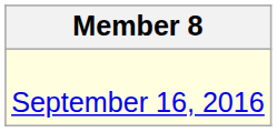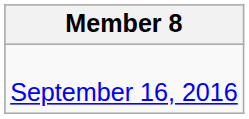 <table class=wikitable align=right>
 <tr>
 <th>Member 8</th>
 </tr>
 <tr>
-<td style="background: lightyellow;"><br><a href='#'>September 16, 2016</a></td>
+<td><br><a href='#'>September 16, 2016</a></td>
 </tr>
 </table>
